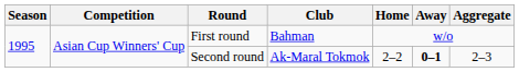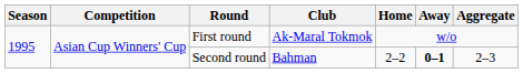 <table class="wikitable">
 <tr>
 <th>Season</th>
 <th>Competition</th>
 <th>Round</th>
 <th>Club</th>
 <th>Home</th>
 <th>Away</th>
 <th>Aggregate</th>
 </tr>
 <tr>
 <td rowspan="2"><a href='#'>1995</a></td>
 <td rowspan="2"><a href='#'>Asian Cup Winners' Cup</a></td>
 <td rowspan="1">First round</td>
-<td> <a href='#'>Bahman</a></td>
+<td> <a href='#'>Ak-Maral Tokmok</a></td>
 <td colspan=3; style="text-align:center;"><a href='#'>w/o</a></td>
 </tr>
 <tr>
 <td rowspan="1">Second round</td>
-<td> <a href='#'>Ak-Maral Tokmok</a></td>
+<td> <a href='#'>Bahman</a></td>
 <td align=center>2–2</td>
 <td align=center><strong>0–1</strong></td>
 <td align=center>2–3</td>
 </tr>
 </table>
